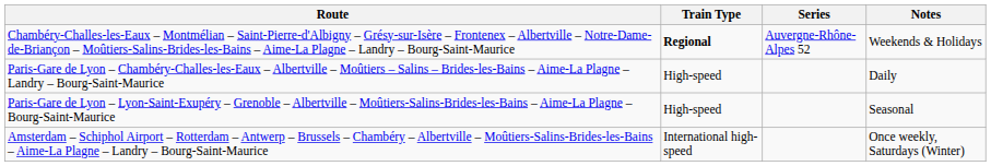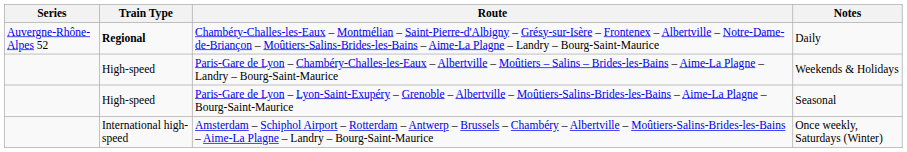 <table class="wikitable vatop">
 <tr>
+<th>Series</th>
+<th>Train Type</th>
 <th>Route</th>
-<th>Train Type</th>
-<th>Series</th>
 <th>Notes</th>
 </tr>
 <tr>
+<td> <a href='#'>Auvergne-Rhône-Alpes</a> 52</td>
+<td><strong>Regional</strong></td>
 <td><a href='#'>Chambéry-Challes-les-Eaux</a> – <a href='#'>Montmélian</a> – <a href='#'>Saint-Pierre-d'Albigny</a> – <a href='#'>Grésy-sur-Isère</a> – <a href='#'>Frontenex</a> – <a href='#'>Albertville</a> – <a href='#'>Notre-Dame-de-Briançon</a> – <a href='#'>Moûtiers-Salins-Brides-les-Bains</a> – <a href='#'>Aime-La Plagne</a> – Landry – Bourg-Saint-Maurice</td>
-<td><strong>Regional</strong></td>
-<td> <a href='#'>Auvergne-Rhône-Alpes</a> 52</td>
+<td>Daily</td>
+</tr>
+<tr>
+<td></td>
+<td>High-speed</td>
+<td><a href='#'>Paris-Gare de Lyon</a> – <a href='#'>Chambéry-Challes-les-Eaux</a> – <a href='#'>Albertville</a> – <a href='#'>Moûtiers – Salins – Brides-les-Bains</a> – <a href='#'>Aime-La Plagne</a> – Landry – Bourg-Saint-Maurice</td>
 <td>Weekends & Holidays</td>
 </tr>
 <tr>
-<td><a href='#'>Paris-Gare de Lyon</a> – <a href='#'>Chambéry-Challes-les-Eaux</a> – <a href='#'>Albertville</a> – <a href='#'>Moûtiers – Salins – Brides-les-Bains</a> – <a href='#'>Aime-La Plagne</a> – Landry – Bourg-Saint-Maurice</td>
+<td></td>
 <td>High-speed</td>
-<td></td>
-<td>Daily</td>
-</tr>
-<tr>
 <td><a href='#'>Paris-Gare de Lyon</a> – <a href='#'>Lyon-Saint-Exupéry</a> – <a href='#'>Grenoble</a> – <a href='#'>Albertville</a> – <a href='#'>Moûtiers-Salins-Brides-les-Bains</a> – <a href='#'>Aime-La Plagne</a> – Bourg-Saint-Maurice</td>
-<td>High-speed</td>
-<td></td>
 <td>Seasonal</td>
 </tr>
 <tr>
+<td></td>
+<td>International high-speed</td>
 <td><a href='#'>Amsterdam</a> – <a href='#'>Schiphol Airport</a> – <a href='#'>Rotterdam</a> – <a href='#'>Antwerp</a> – <a href='#'>Brussels</a> – <a href='#'>Chambéry</a> – <a href='#'>Albertville</a> – <a href='#'>Moûtiers-Salins-Brides-les-Bains</a> – <a href='#'>Aime-La Plagne</a> – Landry – Bourg-Saint-Maurice</td>
-<td>International high-speed</td>
-<td></td>
 <td>Once weekly, Saturdays (Winter)</td>
 </tr>
 </table>
